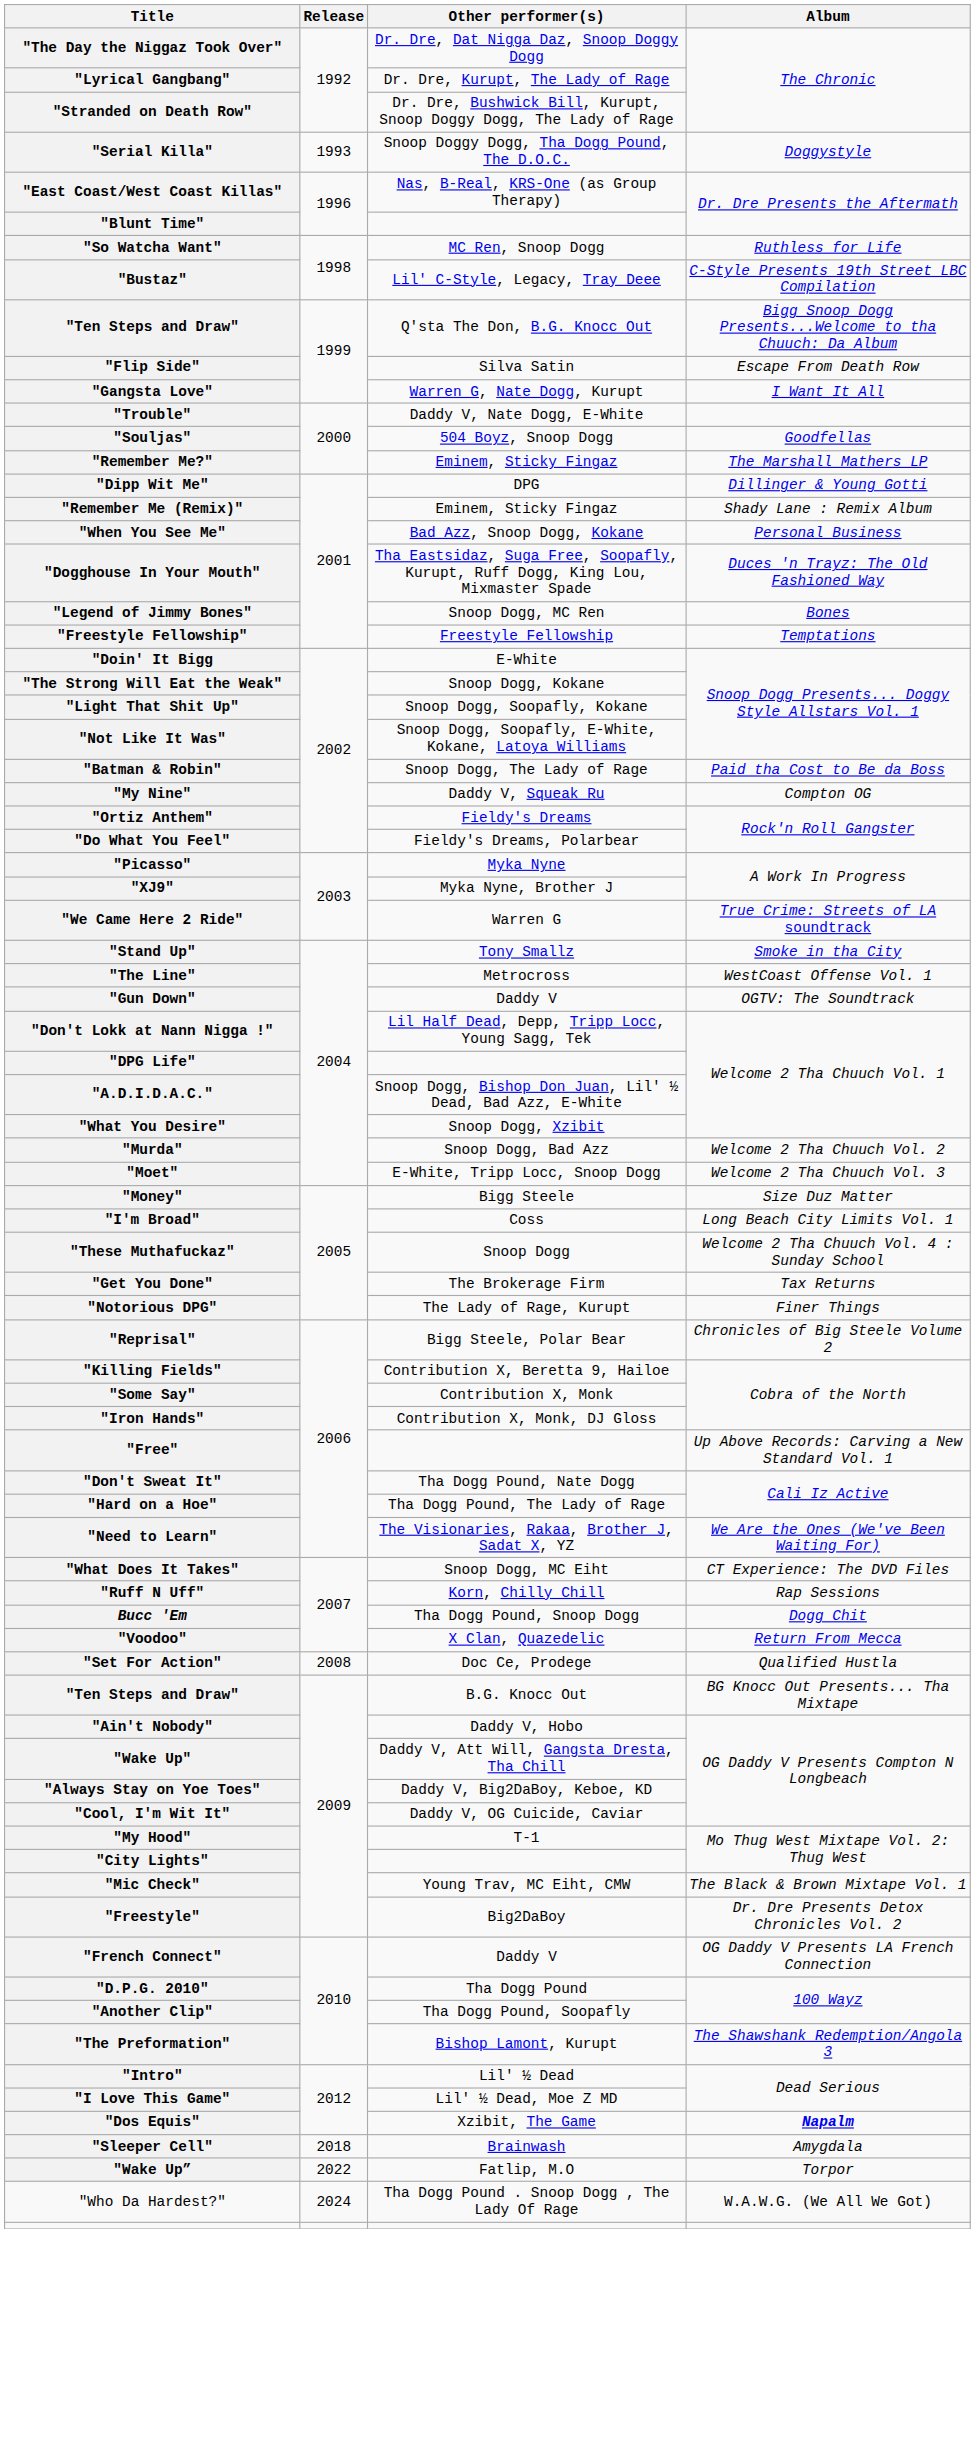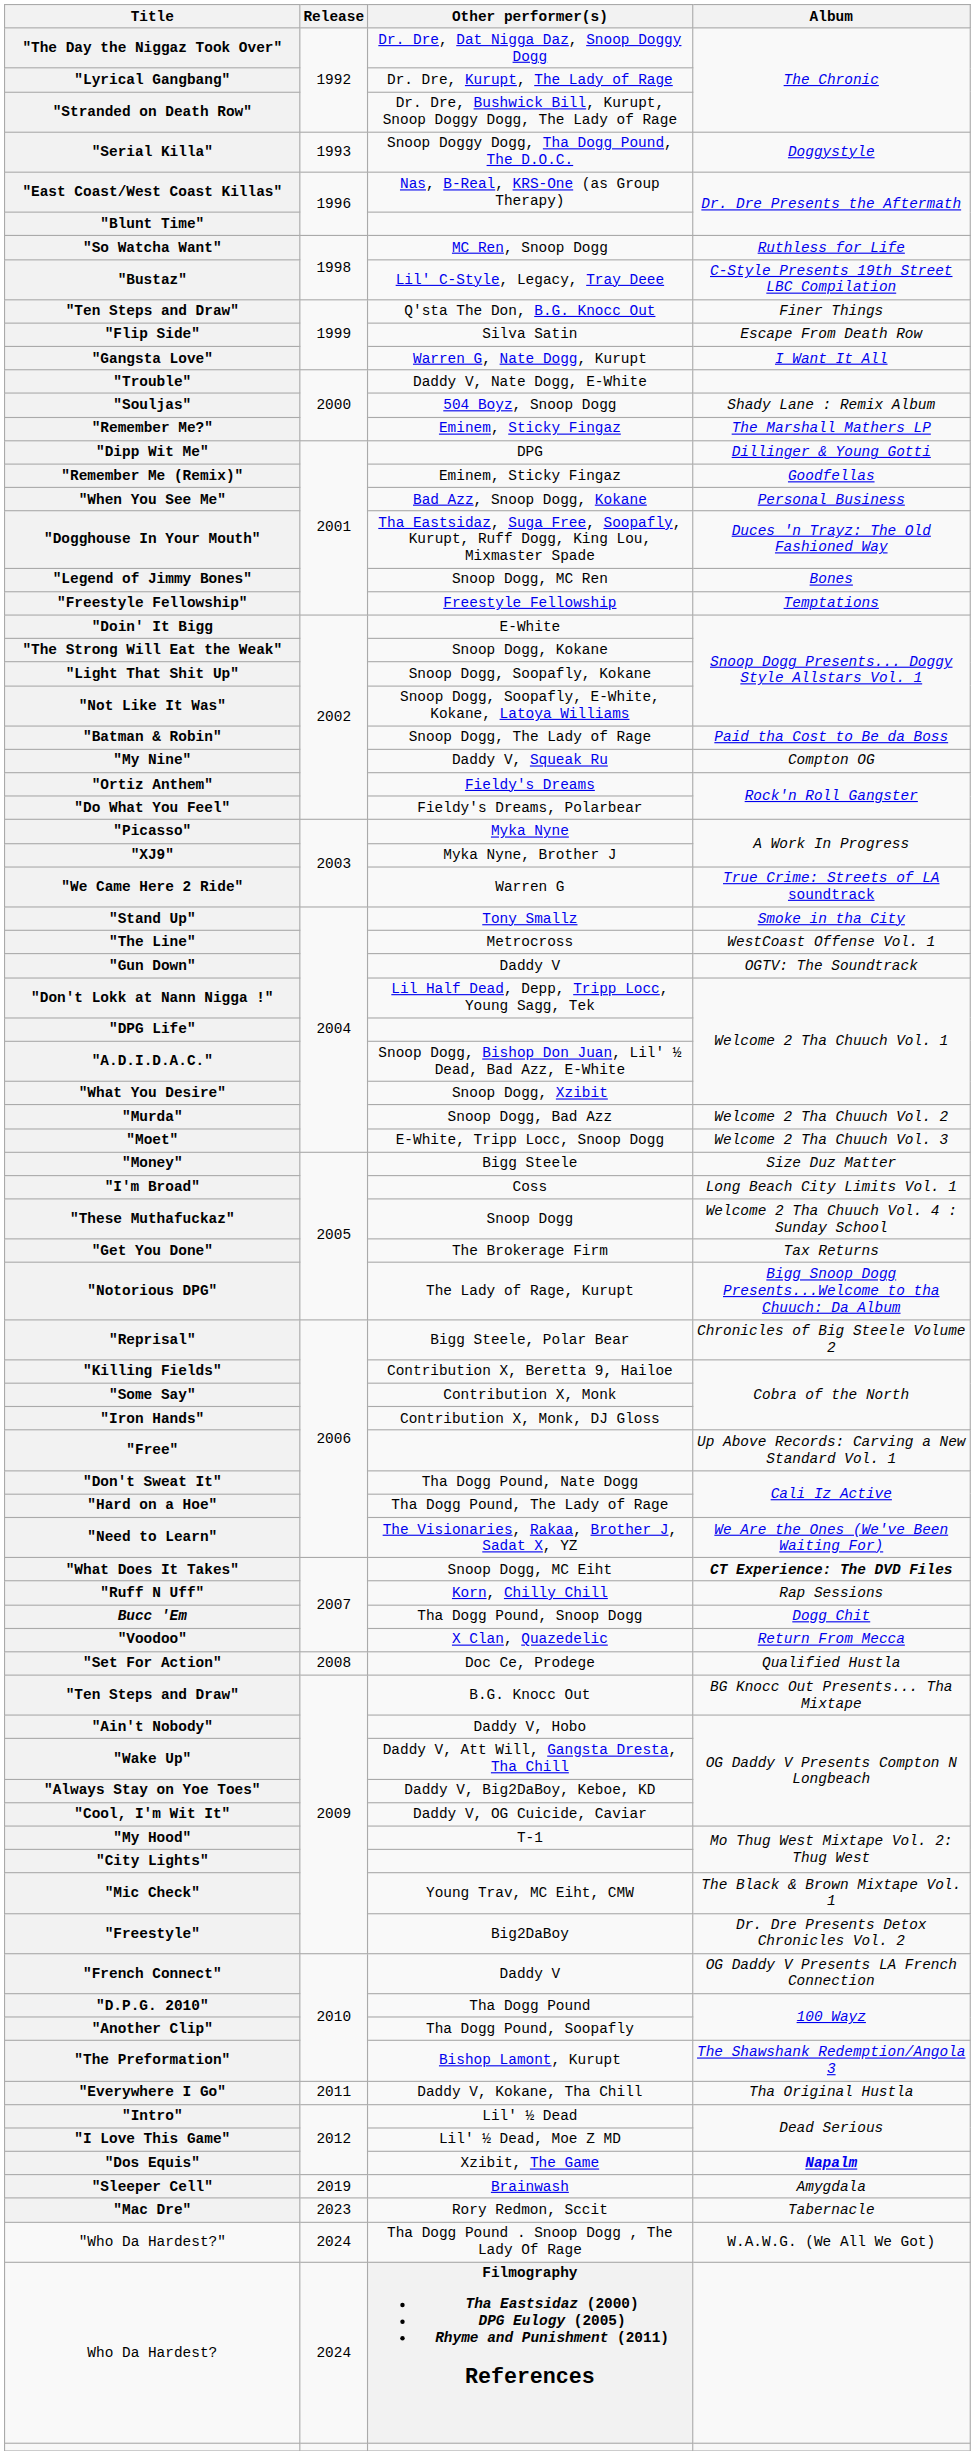 <table class="wikitable mw-collapsible plainrowheaders" style="text-align:center;">
 <tr>
 <th scope="col" style="width:20em;">Title</th>
 <th scope="col">Release</th>
 <th scope="col">Other performer(s)</th>
 <th scope="col">Album</th>
 </tr>
 <tr>
 <th scope="row">"The Day the Niggaz Took Over"</th>
 <td rowspan="3">1992</td>
 <td><a href='#'>Dr. Dre</a>, <a href='#'>Dat Nigga Daz</a>, <a href='#'>Snoop Doggy Dogg</a></td>
 <td rowspan="3"><em><a href='#'>The Chronic</a></em></td>
 </tr>
 <tr>
 <th scope="row">"Lyrical Gangbang"</th>
 <td>Dr. Dre, <a href='#'>Kurupt</a>, <a href='#'>The Lady of Rage</a></td>
 </tr>
 <tr>
 <th scope="row">"Stranded on Death Row"</th>
 <td>Dr. Dre, <a href='#'>Bushwick Bill</a>, Kurupt, Snoop Doggy Dogg, The Lady of Rage</td>
 </tr>
 <tr>
 <th scope="row">"Serial Killa"</th>
 <td rowspan="1">1993</td>
 <td>Snoop Doggy Dogg, <a href='#'>Tha Dogg Pound</a>, <a href='#'>The D.O.C.</a></td>
 <td rowspan="1"><em><a href='#'>Doggystyle</a></em></td>
 </tr>
 <tr>
 <th scope="row">"East Coast/West Coast Killas"</th>
 <td rowspan="2">1996</td>
 <td><a href='#'>Nas</a>, <a href='#'>B-Real</a>, <a href='#'>KRS-One</a> (as Group Therapy)</td>
 <td rowspan="2"><em><a href='#'>Dr. Dre Presents the Aftermath</a></em></td>
 </tr>
 <tr>
 <th scope="row">"Blunt Time"</th>
 </tr>
 <tr>
 <th scope="row">"So Watcha Want"</th>
 <td rowspan="2">1998</td>
 <td><a href='#'>MC Ren</a>, Snoop Dogg</td>
 <td rowspan="1"><em><a href='#'>Ruthless for Life</a></em></td>
 </tr>
 <tr>
 <th scope="row">"Bustaz"</th>
 <td><a href='#'>Lil' C-Style</a>, Legacy, <a href='#'>Tray Deee</a></td>
 <td rowspan="1"><em><a href='#'>C-Style Presents 19th Street LBC Compilation</a></em></td>
 </tr>
 <tr>
 <th scope="row">"Ten Steps and Draw"</th>
 <td rowspan="3">1999</td>
 <td>Q'sta The Don, <a href='#'>B.G. Knocc Out</a></td>
-<td rowspan="1"><em><a href='#'>Bigg Snoop Dogg Presents...Welcome to tha Chuuch: Da Album</a></em></td>
+<td rowspan="1"><em>Finer Things</em></td>
 </tr>
 <tr>
 <th scope="row">"Flip Side"</th>
 <td>Silva Satin</td>
 <td rowspan="1"><em>Escape From Death Row</em></td>
 </tr>
 <tr>
 <th scope="row">"Gangsta Love"</th>
 <td><a href='#'>Warren G</a>, <a href='#'>Nate Dogg</a>, Kurupt</td>
 <td rowspan="1"><em><a href='#'>I Want It All</a></em></td>
 </tr>
 <tr>
 <th scope="row">"Trouble"</th>
 <td rowspan="3">2000</td>
 <td>Daddy V, Nate Dogg, E-White</td>
 </tr>
 <tr>
 <th scope="row">"Souljas"</th>
 <td><a href='#'>504 Boyz</a>, Snoop Dogg</td>
-<td rowspan="1"><em><a href='#'>Goodfellas</a></em></td>
+<td rowspan="1"><em>Shady Lane : Remix Album</em></td>
 </tr>
 <tr>
 <th scope="row">"Remember Me?"</th>
 <td><a href='#'>Eminem</a>, <a href='#'>Sticky Fingaz</a></td>
 <td rowspan="1"><em><a href='#'>The Marshall Mathers LP</a></em></td>
 </tr>
 <tr>
 <th scope="row">"Dipp Wit Me"</th>
 <td rowspan="6">2001</td>
 <td>DPG</td>
 <td rowspan="1"><em><a href='#'>Dillinger & Young Gotti</a></em></td>
 </tr>
 <tr>
 <th scope="row">"Remember Me (Remix)"</th>
 <td>Eminem, Sticky Fingaz</td>
-<td rowspan="1"><em>Shady Lane : Remix Album</em></td>
+<td rowspan="1"><em><a href='#'>Goodfellas</a></em></td>
 </tr>
 <tr>
 <th scope="row">"When You See Me"</th>
 <td><a href='#'>Bad Azz</a>, Snoop Dogg, <a href='#'>Kokane</a></td>
 <td rowspan="1"><em><a href='#'>Personal Business</a></em></td>
 </tr>
 <tr>
 <th scope="row">"Dogghouse In Your Mouth"</th>
 <td><a href='#'>Tha Eastsidaz</a>, <a href='#'>Suga Free</a>, <a href='#'>Soopafly</a>, Kurupt, Ruff Dogg, King Lou, Mixmaster Spade</td>
 <td rowspan="1"><em><a href='#'>Duces 'n Trayz: The Old Fashioned Way</a></em></td>
 </tr>
 <tr>
 <th scope="row">"Legend of Jimmy Bones"</th>
 <td>Snoop Dogg, MC Ren</td>
 <td rowspan="1"><em><a href='#'>Bones</a></em></td>
 </tr>
 <tr>
 <th scope="row">"Freestyle Fellowship"</th>
 <td><a href='#'>Freestyle Fellowship</a></td>
 <td rowspan="1"><em><a href='#'>Temptations</a></em></td>
 </tr>
 <tr>
 <th scope="row">"Doin' It Bigg</th>
 <td rowspan="8">2002</td>
 <td>E-White</td>
 <td rowspan="4"><em><a href='#'>Snoop Dogg Presents... Doggy Style Allstars Vol. 1</a></em></td>
 </tr>
 <tr>
 <th scope="row">"The Strong Will Eat the Weak"</th>
 <td>Snoop Dogg, Kokane</td>
 </tr>
 <tr>
 <th scope="row">"Light That Shit Up"</th>
 <td>Snoop Dogg, Soopafly, Kokane</td>
 </tr>
 <tr>
 <th scope="row">"Not Like It Was"</th>
 <td>Snoop Dogg, Soopafly, E-White, Kokane, <a href='#'>Latoya Williams</a></td>
 </tr>
 <tr>
 <th scope="row">"Batman & Robin"</th>
 <td>Snoop Dogg, The Lady of Rage</td>
 <td rowspan="1"><em><a href='#'>Paid tha Cost to Be da Boss</a></em></td>
 </tr>
 <tr>
 <th scope="row">"My Nine"</th>
 <td>Daddy V, <a href='#'>Squeak Ru</a></td>
 <td rowspan="1"><em>Compton OG</em></td>
 </tr>
 <tr>
 <th scope="row">"Ortiz Anthem"</th>
 <td><a href='#'>Fieldy's Dreams</a></td>
 <td rowspan="2"><em><a href='#'>Rock'n Roll Gangster</a></em></td>
 </tr>
 <tr>
 <th scope="row">"Do What You Feel"</th>
 <td>Fieldy's Dreams, Polarbear</td>
 </tr>
 <tr>
 <th scope="row">"Picasso"</th>
 <td rowspan="3">2003</td>
 <td><a href='#'>Myka Nyne</a></td>
 <td rowspan="2"><em>A Work In Progress</em></td>
 </tr>
 <tr>
 <th scope="row">"XJ9"</th>
 <td>Myka Nyne, Brother J</td>
 </tr>
 <tr>
 <th scope="row">"We Came Here 2 Ride"</th>
 <td>Warren G</td>
 <td rowspan="1"><a href='#'><em>True Crime: Streets of LA</em> soundtrack</a></td>
 </tr>
 <tr>
 <th scope="row">"Stand Up"</th>
 <td rowspan="9">2004</td>
 <td><a href='#'>Tony Smallz</a></td>
 <td rowspan="1"><em><a href='#'>Smoke in tha City</a></em></td>
 </tr>
 <tr>
 <th scope="row">"The Line"</th>
 <td>Metrocross</td>
 <td rowspan="1"><em>WestCoast Offense Vol. 1</em></td>
 </tr>
 <tr>
 <th scope="row">"Gun Down"</th>
 <td>Daddy V</td>
 <td rowspan="1"><em>OGTV: The Soundtrack</em></td>
 </tr>
 <tr>
 <th scope="row">"Don't Lokk at Nann Nigga !"</th>
 <td><a href='#'>Lil Half Dead</a>, Depp, <a href='#'>Tripp Locc</a>, Young Sagg, Tek</td>
 <td rowspan="4"><em>Welcome 2 Tha Chuuch Vol. 1</em></td>
 </tr>
 <tr>
 <th scope="row">"DPG Life"</th>
 </tr>
 <tr>
 <th scope="row">"A.D.I.D.A.C."</th>
 <td>Snoop Dogg, <a href='#'>Bishop Don Juan</a>, Lil' ½ Dead, Bad Azz, E-White</td>
 </tr>
 <tr>
 <th scope="row">"What You Desire"</th>
 <td>Snoop Dogg, <a href='#'>Xzibit</a></td>
 </tr>
 <tr>
 <th scope="row">"Murda"</th>
 <td>Snoop Dogg, Bad Azz</td>
 <td rowspan="1"><em>Welcome 2 Tha Chuuch Vol. 2</em></td>
 </tr>
 <tr>
 <th scope="row">"Moet"</th>
 <td>E-White, Tripp Locc, Snoop Dogg</td>
 <td rowspan="1"><em>Welcome 2 Tha Chuuch Vol. 3</em></td>
 </tr>
 <tr>
 <th scope="row">"Money"</th>
 <td rowspan="5">2005</td>
 <td>Bigg Steele</td>
 <td rowspan="1"><em>Size Duz Matter</em></td>
 </tr>
 <tr>
 <th scope="row">"I'm Broad"</th>
 <td>Coss</td>
 <td rowspan="1"><em>Long Beach City Limits Vol. 1</em></td>
 </tr>
 <tr>
 <th scope="row">"These Muthafuckaz"</th>
 <td>Snoop Dogg</td>
 <td rowspan="1"><em>Welcome 2 Tha Chuuch Vol. 4 : Sunday School</em></td>
 </tr>
 <tr>
 <th scope="row">"Get You Done"</th>
 <td>The Brokerage Firm</td>
 <td rowspan="1"><em>Tax Returns</em></td>
 </tr>
 <tr>
 <th scope="row">"Notorious DPG"</th>
 <td>The Lady of Rage, Kurupt</td>
-<td rowspan="1"><em>Finer Things</em></td>
+<td rowspan="1"><em><a href='#'>Bigg Snoop Dogg Presents...Welcome to tha Chuuch: Da Album</a></em></td>
 </tr>
 <tr>
 <th scope="row">"Reprisal"</th>
 <td rowspan="8">2006</td>
 <td>Bigg Steele, Polar Bear</td>
 <td rowspan="1"><em>Chronicles of Big Steele Volume 2</em></td>
 </tr>
 <tr>
 <th scope="row">"Killing Fields"</th>
 <td>Contribution X, Beretta 9, Hailoe</td>
 <td rowspan="3"><em>Cobra of the North</em></td>
 </tr>
 <tr>
 <th scope="row">"Some Say"</th>
 <td>Contribution X, Monk</td>
 </tr>
 <tr>
 <th scope="row">"Iron Hands"</th>
 <td>Contribution X, Monk, DJ Gloss</td>
 </tr>
 <tr>
 <th scope="row">"Free"</th>
 <td></td>
 <td rowspan="1"><em>Up Above Records: Carving a New Standard Vol. 1</em></td>
 </tr>
 <tr>
 <th scope="row">"Don't Sweat It"</th>
 <td>Tha Dogg Pound, Nate Dogg</td>
 <td rowspan="2"><em><a href='#'>Cali Iz Active</a></em></td>
 </tr>
 <tr>
 <th scope="row">"Hard on a Hoe"</th>
 <td>Tha Dogg Pound, The Lady of Rage</td>
 </tr>
 <tr>
 <th scope="row">"Need to Learn"</th>
 <td><a href='#'>The Visionaries</a>, <a href='#'>Rakaa</a>, <a href='#'>Brother J</a>, <a href='#'>Sadat X</a>, YZ</td>
 <td rowspan="1"><em><a href='#'>We Are the Ones (We've Been Waiting For)</a></em></td>
 </tr>
 <tr>
 <th scope="row">"What Does It Takes"</th>
 <td rowspan="4">2007</td>
 <td>Snoop Dogg, MC Eiht</td>
-<td rowspan="1"><em>CT Experience: The DVD Files</em></td>
+<td rowspan="1"><strong><em>CT Experience: The DVD Files</em></strong></td>
 </tr>
 <tr>
 <th scope="row">"Ruff N Uff"</th>
 <td><a href='#'>Korn</a>, <a href='#'>Chilly Chill</a></td>
 <td rowspan="1"><em>Rap Sessions</em></td>
 </tr>
 <tr>
 <th scope="row"><em>Bucc 'Em</em></th>
 <td>Tha Dogg Pound, Snoop Dogg</td>
 <td rowspan="1"><em><a href='#'>Dogg Chit</a></em></td>
 </tr>
 <tr>
 <th scope="row">"Voodoo"</th>
 <td><a href='#'>X Clan</a>, <a href='#'>Quazedelic</a></td>
 <td rowspan="1"><em><a href='#'>Return From Mecca</a></em></td>
 </tr>
 <tr>
 <th scope="row">"Set For Action"</th>
 <td rowspan="1">2008</td>
 <td>Doc Ce, Prodege</td>
 <td rowspan="1"><em>Qualified Hustla</em></td>
 </tr>
 <tr>
 <th scope="row">"Ten Steps and Draw"</th>
 <td rowspan="9">2009</td>
 <td>B.G. Knocc Out</td>
 <td rowspan="1"><em>BG Knocc Out Presents... Tha Mixtape</em></td>
 </tr>
 <tr>
 <th scope="row">"Ain't Nobody"</th>
 <td>Daddy V, Hobo</td>
 <td rowspan="4"><em>OG Daddy V Presents Compton N Longbeach</em></td>
 </tr>
 <tr>
 <th scope="row">"Wake Up"</th>
 <td>Daddy V, Att Will, <a href='#'>Gangsta Dresta</a>, <a href='#'>Tha Chill</a></td>
 </tr>
 <tr>
 <th scope="row">"Always Stay on Yoe Toes"</th>
 <td>Daddy V, Big2DaBoy, Keboe, KD</td>
 </tr>
 <tr>
 <th scope="row">"Cool, I'm Wit It"</th>
 <td>Daddy V, OG Cuicide, Caviar</td>
 </tr>
 <tr>
 <th scope="row">"My Hood"</th>
 <td>T-1</td>
 <td rowspan="2"><em>Mo Thug West Mixtape Vol. 2: Thug West</em></td>
 </tr>
 <tr>
 <th scope="row">"City Lights"</th>
 </tr>
 <tr>
 <th scope="row">"Mic Check"</th>
 <td>Young Trav, MC Eiht, CMW</td>
 <td rowspan="1"><em>The Black & Brown Mixtape Vol. 1</em></td>
 </tr>
 <tr>
 <th scope="row">"Freestyle"</th>
 <td>Big2DaBoy</td>
 <td rowspan="1"><em>Dr. Dre Presents Detox Chronicles Vol. 2</em></td>
 </tr>
 <tr>
 <th scope="row">"French Connect"</th>
 <td rowspan="4">2010</td>
 <td>Daddy V</td>
 <td rowspan="1"><em>OG Daddy V Presents LA French Connection</em></td>
 </tr>
 <tr>
 <th scope="row">"D.P.G. 2010"</th>
 <td>Tha Dogg Pound</td>
 <td rowspan="2"><em><a href='#'>100 Wayz</a></em></td>
 </tr>
 <tr>
 <th scope="row">"Another Clip"</th>
 <td>Tha Dogg Pound, Soopafly</td>
 </tr>
 <tr>
 <th scope="row">"The Preformation"</th>
 <td><a href='#'>Bishop Lamont</a>, Kurupt</td>
 <td rowspan="1"><em><a href='#'>The Shawshank Redemption/Angola 3</a></em></td>
 </tr>
 <tr>
+<th scope="row">"Everywhere I Go"</th>
+<td rowspan="1">2011</td>
+<td>Daddy V, Kokane, Tha Chill</td>
+<td rowspan="1"><em>Tha Original Hustla</em></td>
+</tr>
+<tr>
 <th scope="row">"Intro"</th>
 <td rowspan="3">2012</td>
 <td>Lil' ½ Dead</td>
 <td rowspan="2"><em>Dead Serious</em></td>
 </tr>
 <tr>
 <th scope="row">"I Love This Game"</th>
 <td>Lil' ½ Dead, Moe Z MD</td>
 </tr>
 <tr>
 <th scope="row">"Dos Equis"</th>
 <td>Xzibit, <a href='#'>The Game</a></td>
 <td rowspan="1"><strong><em><a href='#'>Napalm</a></em></strong></td>
 </tr>
 <tr>
 <th scope="row">"Sleeper Cell"</th>
-<td rowspan="1">2018</td>
+<td rowspan="1">2019</td>
 <td><a href='#'>Brainwash</a></td>
 <td rowspan="1"><em>Amygdala</em></td>
 </tr>
 <tr>
-<th scope="row">"Wake Up”</th>
-<td rowspan="1">2022</td>
-<td>Fatlip, M.O</td>
-<td rowspan="1"><em>Torpor</em></td>
+<th scope="row">"Mac Dre"</th>
+<td rowspan="1">2023</td>
+<td>Rory Redmon, Sccit</td>
+<td rowspan="1"><em>Tabernacle</em></td>
 </tr>
 <tr>
 <td>"Who Da Hardest?"</td>
 <td>2024</td>
 <td>Tha Dogg Pound . Snoop Dogg , The Lady Of Rage</td>
 <td>W.A.W.G. (We All We Got)</td>
 </tr>
 <tr>
+<td rowspan="1">Who Da Hardest?</td>
+<td>2024</td>
+<th rowspan="1">Filmography<br><ul><li><em>Tha Eastsidaz</em> (2000)</li><li><em>DPG Eulogy</em> (2005)</li><li><em>Rhyme and Punishment</em> (2011)</li></ul><h2>References</h2><br> <br>                </th>
+<td></td>
+</tr>
+<tr>
 <td></td>
 <td></td>
 <td></td>
 <td></td>
 </tr>
 </table>
